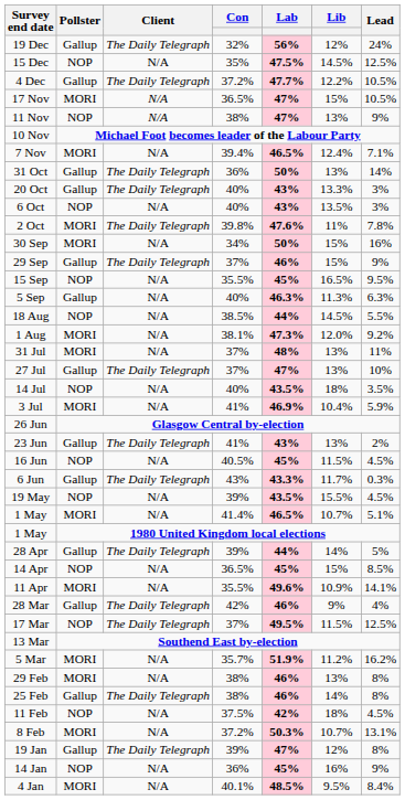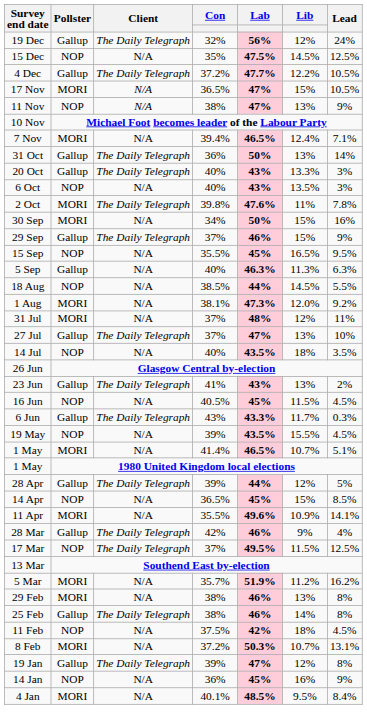 <table class="wikitable sortable mw-datatable" style="text-align:center;font-size:90%;line-height:14px;">
 <tr>
 <th rowspan="2">Survey<br>end date</th>
 <th rowspan="2">Pollster</th>
 <th rowspan="2">Client</th>
 <th class="unsortable" style="width:50px;"><a href='#'>Con</a></th>
 <th class="unsortable" style="width:50px;"><a href='#'>Lab</a></th>
 <th class="unsortable" style="width:50px;"><a href='#'>Lib</a></th>
 <th rowspan="2">Lead</th>
 </tr>
 <tr>
 <th style="background:"></th>
 <th style="background:"></th>
 <th style="background:"></th>
 </tr>
 <tr>
 <td>19 Dec</td>
 <td>Gallup</td>
 <td><em>The Daily Telegraph</em></td>
 <td>32%</td>
 <td style="background:#FFCCDA;"><strong>56%</strong></td>
 <td>12%</td>
 <td style="background:">24%</td>
 </tr>
 <tr>
 <td>15 Dec</td>
 <td>NOP</td>
 <td>N/A</td>
 <td>35%</td>
 <td style="background:#FFCCDA;"><strong>47.5%</strong></td>
 <td>14.5%</td>
 <td style="background:">12.5%</td>
 </tr>
 <tr>
 <td>4 Dec</td>
 <td>Gallup</td>
 <td><em>The Daily Telegraph</em></td>
 <td>37.2%</td>
 <td style="background:#FFCCDA;"><strong>47.7%</strong></td>
 <td>12.2%</td>
 <td style="background:">10.5%</td>
 </tr>
 <tr>
 <td>17 Nov</td>
 <td>MORI</td>
 <td><em>N/A</em></td>
 <td>36.5%</td>
 <td style="background:#FFCCDA;"><strong>47%</strong></td>
 <td>15%</td>
 <td style="background:">10.5%</td>
 </tr>
 <tr>
 <td>11 Nov</td>
 <td>NOP</td>
 <td><em>N/A</em></td>
 <td>38%</td>
 <td style="background:#FFCCDA;"><strong>47%</strong></td>
 <td>13%</td>
 <td style="background:">9%</td>
 </tr>
 <tr>
 <td>10 Nov</td>
 <td colspan="6"><strong><a href='#'>Michael Foot</a> <a href='#'>becomes leader</a> of the <a href='#'>Labour Party</a></strong></td>
 </tr>
 <tr>
 <td>7 Nov</td>
 <td>MORI</td>
 <td>N/A</td>
 <td>39.4%</td>
 <td style="background:#FFCCDA;"><strong>46.5%</strong></td>
 <td>12.4%</td>
 <td style="background:">7.1%</td>
 </tr>
 <tr>
 <td>31 Oct</td>
 <td>Gallup</td>
 <td><em>The Daily Telegraph</em></td>
 <td>36%</td>
 <td style="background:#FFCCDA;"><strong>50%</strong></td>
 <td>13%</td>
 <td style="background:">14%</td>
 </tr>
 <tr>
 <td>20 Oct</td>
 <td>Gallup</td>
 <td><em>The Daily Telegraph</em></td>
 <td>40%</td>
 <td style="background:#FFCCDA;"><strong>43%</strong></td>
 <td>13.3%</td>
 <td style="background:">3%</td>
 </tr>
 <tr>
 <td>6 Oct</td>
 <td>NOP</td>
 <td>N/A</td>
 <td>40%</td>
 <td style="background:#FFCCDA;"><strong>43%</strong></td>
 <td>13.5%</td>
 <td style="background:">3%</td>
 </tr>
 <tr>
 <td>2 Oct</td>
 <td>MORI</td>
 <td><em>The Daily Telegraph</em></td>
 <td>39.8%</td>
 <td style="background:#FFCCDA;"><strong>47.6%</strong></td>
 <td>11%</td>
 <td style="background:">7.8%</td>
 </tr>
 <tr>
 <td>30 Sep</td>
 <td>MORI</td>
 <td>N/A</td>
 <td>34%</td>
 <td style="background:#FFCCDA;"><strong>50%</strong></td>
 <td>15%</td>
 <td style="background:">16%</td>
 </tr>
 <tr>
 <td>29 Sep</td>
 <td>Gallup</td>
 <td><em>The Daily Telegraph</em></td>
 <td>37%</td>
 <td style="background:#FFCCDA;"><strong>46%</strong></td>
 <td>15%</td>
 <td style="background:">9%</td>
 </tr>
 <tr>
 <td>15 Sep</td>
 <td>NOP</td>
 <td>N/A</td>
 <td>35.5%</td>
 <td style="background:#FFCCDA;"><strong>45%</strong></td>
 <td>16.5%</td>
 <td style="background:">9.5%</td>
 </tr>
 <tr>
 <td>5 Sep</td>
 <td>Gallup</td>
 <td>N/A</td>
 <td>40%</td>
 <td style="background:#FFCCDA;"><strong>46.3%</strong></td>
 <td>11.3%</td>
 <td style="background:">6.3%</td>
 </tr>
 <tr>
 <td>18 Aug</td>
 <td>NOP</td>
 <td>N/A</td>
 <td>38.5%</td>
 <td style="background:#FFCCDA;"><strong>44%</strong></td>
 <td>14.5%</td>
 <td style="background:">5.5%</td>
 </tr>
 <tr>
 <td>1 Aug</td>
 <td>MORI</td>
 <td>N/A</td>
 <td>38.1%</td>
 <td style="background:#FFCCDA;"><strong>47.3%</strong></td>
 <td>12.0%</td>
 <td style="background:">9.2%</td>
 </tr>
 <tr>
 <td>31 Jul</td>
 <td>MORI</td>
 <td>N/A</td>
 <td>37%</td>
 <td style="background:#FFCCDA;"><strong>48%</strong></td>
-<td>13%</td>
+<td>12%</td>
 <td style="background:">11%</td>
 </tr>
 <tr>
 <td>27 Jul</td>
 <td>Gallup</td>
 <td><em>The Daily Telegraph</em></td>
 <td>37%</td>
 <td style="background:#FFCCDA;"><strong>47%</strong></td>
 <td>13%</td>
 <td style="background:">10%</td>
 </tr>
 <tr>
 <td>14 Jul</td>
 <td>NOP</td>
 <td>N/A</td>
 <td>40%</td>
 <td style="background:#FFCCDA;"><strong>43.5%</strong></td>
 <td>18%</td>
 <td style="background:">3.5%</td>
-</tr>
-<tr>
-<td>3 Jul</td>
-<td>MORI</td>
-<td>N/A</td>
-<td>41%</td>
-<td style="background:#FFCCDA;"><strong>46.9%</strong></td>
-<td>10.4%</td>
-<td style="background:">5.9%</td>
 </tr>
 <tr>
 <td>26 Jun</td>
 <td colspan="6"><a href='#'><strong>Glasgow Central by-election</strong></a></td>
 </tr>
 <tr>
 <td>23 Jun</td>
 <td>Gallup</td>
 <td><em>The Daily Telegraph</em></td>
 <td>41%</td>
 <td style="background:#FFCCDA;"><strong>43%</strong></td>
 <td>13%</td>
 <td style="background:">2%</td>
 </tr>
 <tr>
 <td>16 Jun</td>
 <td>NOP</td>
 <td>N/A</td>
 <td>40.5%</td>
 <td style="background:#FFCCDA;"><strong>45%</strong></td>
 <td>11.5%</td>
 <td style="background:">4.5%</td>
 </tr>
 <tr>
 <td>6 Jun</td>
 <td>Gallup</td>
 <td><em>The Daily Telegraph</em></td>
 <td>43%</td>
 <td style="background:#FFCCDA;"><strong>43.3%</strong></td>
 <td>11.7%</td>
 <td style="background:">0.3%</td>
 </tr>
 <tr>
 <td>19 May</td>
 <td>NOP</td>
 <td>N/A</td>
 <td>39%</td>
 <td style="background:#FFCCDA;"><strong>43.5%</strong></td>
 <td>15.5%</td>
 <td style="background:">4.5%</td>
 </tr>
 <tr>
 <td>1 May</td>
 <td>MORI</td>
 <td>N/A</td>
 <td>41.4%</td>
 <td style="background:#FFCCDA;"><strong>46.5%</strong></td>
 <td>10.7%</td>
 <td style="background:">5.1%</td>
 </tr>
 <tr>
 <td>1 May</td>
 <td colspan="6"><strong><a href='#'>1980 United Kingdom local elections</a></strong></td>
 </tr>
 <tr>
 <td>28 Apr</td>
 <td>Gallup</td>
 <td><em>The Daily Telegraph</em></td>
 <td>39%</td>
 <td style="background:#FFCCDA;"><strong>44%</strong></td>
-<td>14%</td>
+<td>12%</td>
 <td style="background:">5%</td>
 </tr>
 <tr>
 <td>14 Apr</td>
 <td>NOP</td>
 <td>N/A</td>
 <td>36.5%</td>
 <td style="background:#FFCCDA;"><strong>45%</strong></td>
 <td>15%</td>
 <td style="background:">8.5%</td>
 </tr>
 <tr>
 <td>11 Apr</td>
 <td>MORI</td>
 <td>N/A</td>
 <td>35.5%</td>
 <td style="background:#FFCCDA;"><strong>49.6%</strong></td>
 <td>10.9%</td>
 <td style="background:">14.1%</td>
 </tr>
 <tr>
 <td>28 Mar</td>
 <td>Gallup</td>
 <td><em>The Daily Telegraph</em></td>
 <td>42%</td>
 <td style="background:#FFCCDA;"><strong>46%</strong></td>
 <td>9%</td>
 <td style="background:">4%</td>
 </tr>
 <tr>
 <td>17 Mar</td>
 <td>NOP</td>
 <td><em>The Daily Telegraph</em></td>
 <td>37%</td>
 <td style="background:#FFCCDA;"><strong>49.5%</strong></td>
 <td>11.5%</td>
 <td style="background:">12.5%</td>
 </tr>
 <tr>
 <td>13 Mar</td>
 <td colspan="6"><a href='#'><strong>Southend East by-election</strong></a></td>
 </tr>
 <tr>
 <td>5 Mar</td>
 <td>MORI</td>
 <td>N/A</td>
 <td>35.7%</td>
 <td style="background:#FFCCDA;"><strong>51.9%</strong></td>
 <td>11.2%</td>
 <td style="background:">16.2%</td>
 </tr>
 <tr>
 <td>29 Feb</td>
 <td>MORI</td>
 <td>N/A</td>
 <td>38%</td>
 <td style="background:#FFCCDA;"><strong>46%</strong></td>
 <td>13%</td>
 <td style="background:">8%</td>
 </tr>
 <tr>
 <td>25 Feb</td>
 <td>Gallup</td>
 <td><em>The Daily Telegraph</em></td>
 <td>38%</td>
 <td style="background:#FFCCDA;"><strong>46%</strong></td>
 <td>14%</td>
 <td style="background:">8%</td>
 </tr>
 <tr>
 <td>11 Feb</td>
 <td>NOP</td>
 <td>N/A</td>
 <td>37.5%</td>
 <td style="background:#FFCCDA;"><strong>42%</strong></td>
 <td>18%</td>
 <td style="background:">4.5%</td>
 </tr>
 <tr>
 <td>8 Feb</td>
 <td>MORI</td>
 <td>N/A</td>
 <td>37.2%</td>
 <td style="background:#FFCCDA;"><strong>50.3%</strong></td>
 <td>10.7%</td>
 <td style="background:">13.1%</td>
 </tr>
 <tr>
 <td>19 Jan</td>
 <td>Gallup</td>
 <td><em>The Daily Telegraph</em></td>
 <td>39%</td>
 <td style="background:#FFCCDA;"><strong>47%</strong></td>
 <td>12%</td>
 <td style="background:">8%</td>
 </tr>
 <tr>
 <td>14 Jan</td>
 <td>NOP</td>
 <td>N/A</td>
 <td>36%</td>
 <td style="background:#FFCCDA;"><strong>45%</strong></td>
 <td>16%</td>
 <td style="background:">9%</td>
 </tr>
 <tr>
 <td>4 Jan</td>
 <td>MORI</td>
 <td>N/A</td>
 <td>40.1%</td>
 <td style="background:#FFCCDA;"><strong>48.5%</strong></td>
 <td>9.5%</td>
 <td style="background:">8.4%</td>
 </tr>
 </table>
